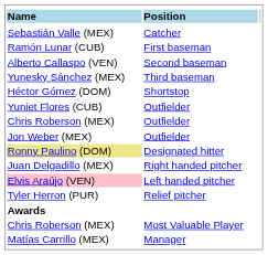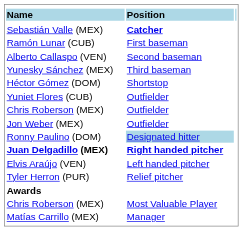 <table cellpadding="1" width="350px" style="font-size: 90%; border: 1px solid gray;">
 <tr align="center" style="font-size: larger;">
 <td colspan=6></td>
 </tr>
 <tr style="background:lightblue;">
 <td><strong>Name</strong></td>
 <td><strong>Position</strong></td>
 <td></td>
 </tr>
 <tr align="center" style="vertical-align: middle;" style="background:lightblue;">
 </tr>
 <tr>
 <td><a href='#'>Sebastián Valle</a> (MEX)</td>
-<td><a href='#'>Catcher</a></td>
+<td><strong><a href='#'>Catcher</a></strong></td>
 </tr>
 <tr>
 <td><a href='#'>Ramón Lunar</a> (CUB)</td>
 <td><a href='#'>First baseman</a></td>
 </tr>
 <tr>
 <td><a href='#'>Alberto Callaspo</a> (VEN)</td>
 <td><a href='#'>Second baseman</a></td>
 </tr>
 <tr>
 <td><a href='#'>Yunesky Sánchez</a> (MEX)</td>
 <td><a href='#'>Third baseman</a></td>
 </tr>
 <tr>
 <td><a href='#'>Héctor Gómez</a> (DOM)</td>
 <td><a href='#'>Shortstop</a></td>
 </tr>
 <tr>
 <td><a href='#'>Yuniet Flores</a> (CUB)</td>
 <td><a href='#'>Outfielder</a></td>
 </tr>
 <tr>
 <td><a href='#'>Chris Roberson</a> (MEX)</td>
 <td><a href='#'>Outfielder</a></td>
 </tr>
 <tr>
 <td><a href='#'>Jon Weber</a> (MEX)</td>
 <td><a href='#'>Outfielder</a></td>
 </tr>
 <tr>
-<td style="background: khaki;"><a href='#'>Ronny Paulino</a> (DOM)</td>
-<td><a href='#'>Designated hitter</a></td>
+<td><a href='#'>Ronny Paulino</a> (DOM)</td>
+<td style="background: lightblue;"><a href='#'>Designated hitter</a></td>
 </tr>
 <tr>
-<td><a href='#'>Juan Delgadillo</a> (MEX)</td>
-<td><a href='#'>Right handed pitcher</a></td>
+<td><strong><a href='#'>Juan Delgadillo</a> (MEX)</strong></td>
+<td><strong><a href='#'>Right handed pitcher</a></strong></td>
 </tr>
 <tr>
-<td style="background: pink;"><a href='#'>Elvis Araújo</a> (VEN)</td>
+<td><a href='#'>Elvis Araújo</a> (VEN)</td>
 <td><a href='#'>Left handed pitcher</a></td>
 </tr>
 <tr>
 <td><a href='#'>Tyler Herron</a> (PUR)</td>
 <td><a href='#'>Relief pitcher</a></td>
 </tr>
 <tr>
 <td><strong>Awards</strong></td>
 </tr>
 <tr>
 <td><a href='#'>Chris Roberson</a> (MEX)</td>
 <td><a href='#'>Most Valuable Player</a></td>
 </tr>
 <tr>
 <td><a href='#'>Matías Carrillo</a> (MEX)</td>
 <td><a href='#'>Manager</a></td>
 </tr>
 <tr>
 </tr>
 </table>
